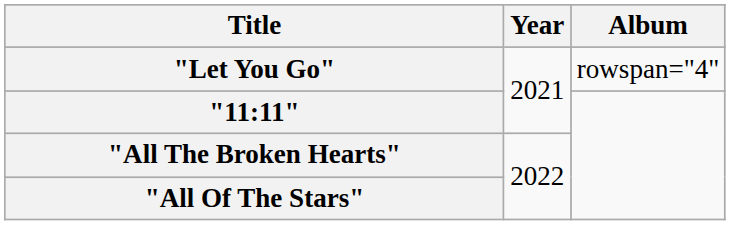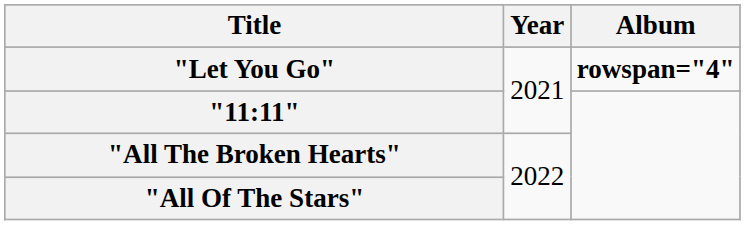 <table class="wikitable plainrowheaders" style="text-align:center;">
 <tr>
 <th scope="col" style="width:18em;">Title</th>
 <th scope="col" style="width:1em;">Year</th>
 <th>Album</th>
 </tr>
 <tr>
 <th scope="row">"Let You Go"</th>
 <td rowspan="2">2021</td>
-<td>rowspan="4" </td>
+<td><strong>rowspan="4" </strong></td>
 </tr>
 <tr>
 <th scope="row">"11:11"</th>
 </tr>
 <tr>
 <th scope="row">"All The Broken Hearts"</th>
 <td rowspan="2">2022</td>
 </tr>
 <tr>
 <th scope="row">"All Of The Stars"</th>
 </tr>
 </table>
